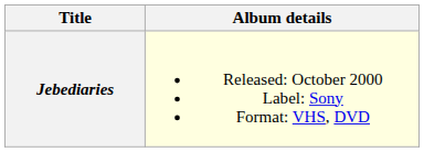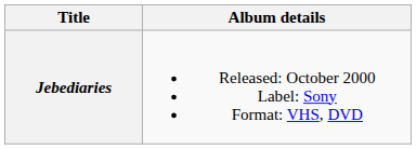 <table class="wikitable plainrowheaders" style="text-align:center;">
 <tr>
 <th scope="col" style="width:8em;">Title</th>
 <th scope="col" style="width:16em;">Album details</th>
 </tr>
 <tr>
 <th scope="row"><em>Jebediaries</em></th>
-<td style="background: lightyellow;"><br><ul><li>Released: October 2000</li><li>Label: <a href='#'>Sony</a> </li><li>Format: <a href='#'>VHS</a>, <a href='#'>DVD</a></li></ul></td>
+<td><br><ul><li>Released: October 2000</li><li>Label: <a href='#'>Sony</a> </li><li>Format: <a href='#'>VHS</a>, <a href='#'>DVD</a></li></ul></td>
 </tr>
 </table>
